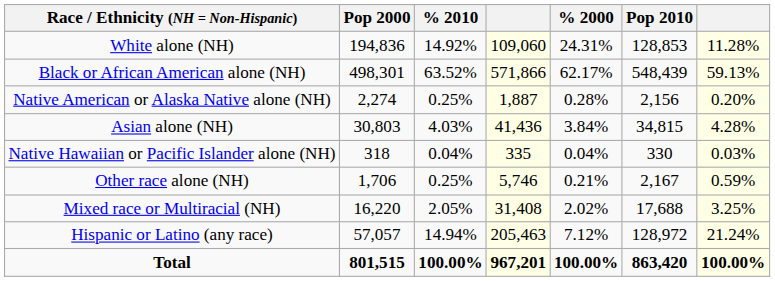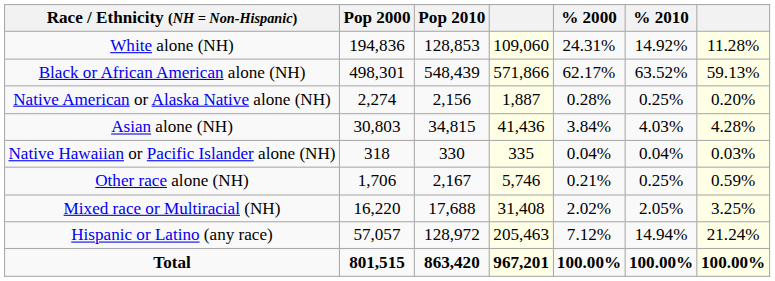 <table class="wikitable" style="text-align:center;">
 <tr>
 <th>Race / Ethnicity <small>(<em>NH = Non-Hispanic</em>)</small></th>
 <th>Pop 2000</th>
-<th>% 2010</th>
+<th>Pop 2010</th>
 <th></th>
 <th>% 2000</th>
-<th>Pop 2010</th>
+<th>% 2010</th>
 <th></th>
 </tr>
 <tr>
 <td><a href='#'>White</a> alone (NH)</td>
 <td>194,836</td>
-<td>14.92%</td>
+<td>128,853</td>
 <td style='background: #ffffe6;'>109,060</td>
 <td>24.31%</td>
-<td>128,853</td>
+<td>14.92%</td>
 <td style='background: #ffffe6;'>11.28%</td>
 </tr>
 <tr>
 <td><a href='#'>Black or African American</a> alone (NH)</td>
 <td>498,301</td>
-<td>63.52%</td>
+<td>548,439</td>
 <td style='background: #ffffe6;'>571,866</td>
 <td>62.17%</td>
-<td>548,439</td>
+<td>63.52%</td>
 <td style='background: #ffffe6;'>59.13%</td>
 </tr>
 <tr>
 <td><a href='#'>Native American</a> or <a href='#'>Alaska Native</a> alone (NH)</td>
 <td>2,274</td>
-<td>0.25%</td>
+<td>2,156</td>
 <td style='background: #ffffe6;'>1,887</td>
 <td>0.28%</td>
-<td>2,156</td>
+<td>0.25%</td>
 <td style='background: #ffffe6;'>0.20%</td>
 </tr>
 <tr>
 <td><a href='#'>Asian</a> alone (NH)</td>
 <td>30,803</td>
-<td>4.03%</td>
+<td>34,815</td>
 <td style='background: #ffffe6;'>41,436</td>
 <td>3.84%</td>
-<td>34,815</td>
+<td>4.03%</td>
 <td style='background: #ffffe6;'>4.28%</td>
 </tr>
 <tr>
 <td><a href='#'>Native Hawaiian</a> or <a href='#'>Pacific Islander</a> alone (NH)</td>
 <td>318</td>
-<td>0.04%</td>
+<td>330</td>
 <td style='background: #ffffe6;'>335</td>
 <td>0.04%</td>
-<td>330</td>
+<td>0.04%</td>
 <td style='background: #ffffe6;'>0.03%</td>
 </tr>
 <tr>
 <td><a href='#'>Other race</a> alone (NH)</td>
 <td>1,706</td>
-<td>0.25%</td>
+<td>2,167</td>
 <td style='background: #ffffe6;'>5,746</td>
 <td>0.21%</td>
-<td>2,167</td>
+<td>0.25%</td>
 <td style='background: #ffffe6;'>0.59%</td>
 </tr>
 <tr>
 <td><a href='#'>Mixed race or Multiracial</a> (NH)</td>
 <td>16,220</td>
-<td>2.05%</td>
+<td>17,688</td>
 <td style='background: #ffffe6;'>31,408</td>
 <td>2.02%</td>
-<td>17,688</td>
+<td>2.05%</td>
 <td style='background: #ffffe6;'>3.25%</td>
 </tr>
 <tr>
 <td><a href='#'>Hispanic or Latino</a> (any race)</td>
 <td>57,057</td>
-<td>14.94%</td>
+<td>128,972</td>
 <td style='background: #ffffe6;'>205,463</td>
 <td>7.12%</td>
-<td>128,972</td>
+<td>14.94%</td>
 <td style='background: #ffffe6;'>21.24%</td>
 </tr>
 <tr>
 <td><strong>Total</strong></td>
 <td><strong>801,515</strong></td>
-<td><strong>100.00%</strong></td>
+<td><strong>863,420</strong></td>
 <td style='background: #ffffe6;'><strong>967,201</strong></td>
 <td><strong>100.00%</strong></td>
-<td><strong>863,420</strong></td>
+<td><strong>100.00%</strong></td>
 <td style='background: #ffffe6;'><strong>100.00%</strong></td>
 </tr>
 </table>
